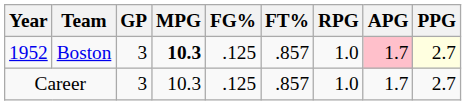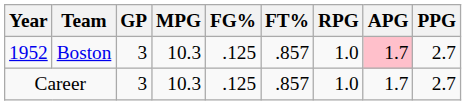 <table class="wikitable sortable" style="font-size:95%; text-align:right;">
 <tr>
 <th>Year</th>
 <th>Team</th>
 <th>GP</th>
 <th>MPG</th>
 <th>FG%</th>
 <th>FT%</th>
 <th>RPG</th>
 <th>APG</th>
 <th>PPG</th>
 </tr>
 <tr>
 <td style="text-align:left;"><a href='#'>1952</a></td>
 <td style="text-align:left;"><a href='#'>Boston</a></td>
 <td>3</td>
-<td><strong>10.3</strong></td>
+<td>10.3</td>
 <td>.125</td>
 <td>.857</td>
 <td>1.0</td>
 <td style="background: pink;">1.7</td>
-<td style="background: lightyellow;">2.7</td>
+<td>2.7</td>
 </tr>
 <tr class="sortbottom">
 <td colspan="2" style="text-align:center;">Career</td>
 <td>3</td>
 <td>10.3</td>
 <td>.125</td>
 <td>.857</td>
 <td>1.0</td>
 <td>1.7</td>
 <td>2.7</td>
 </tr>
 </table>
